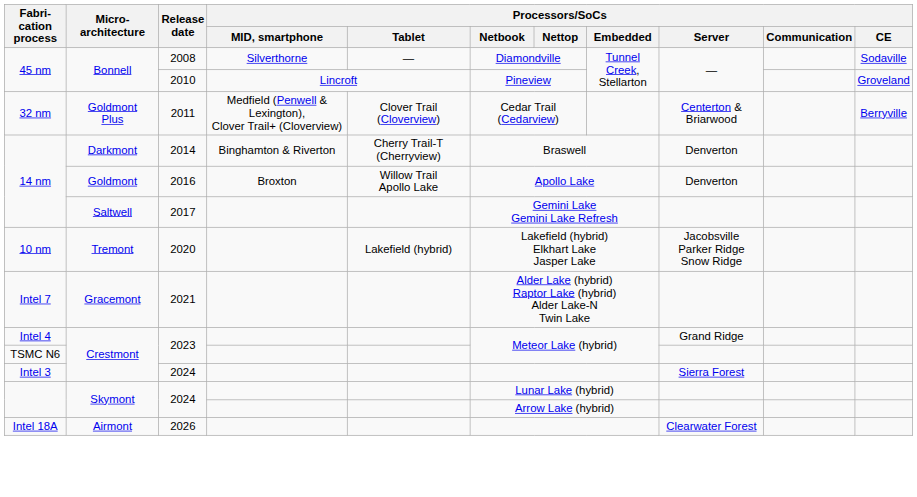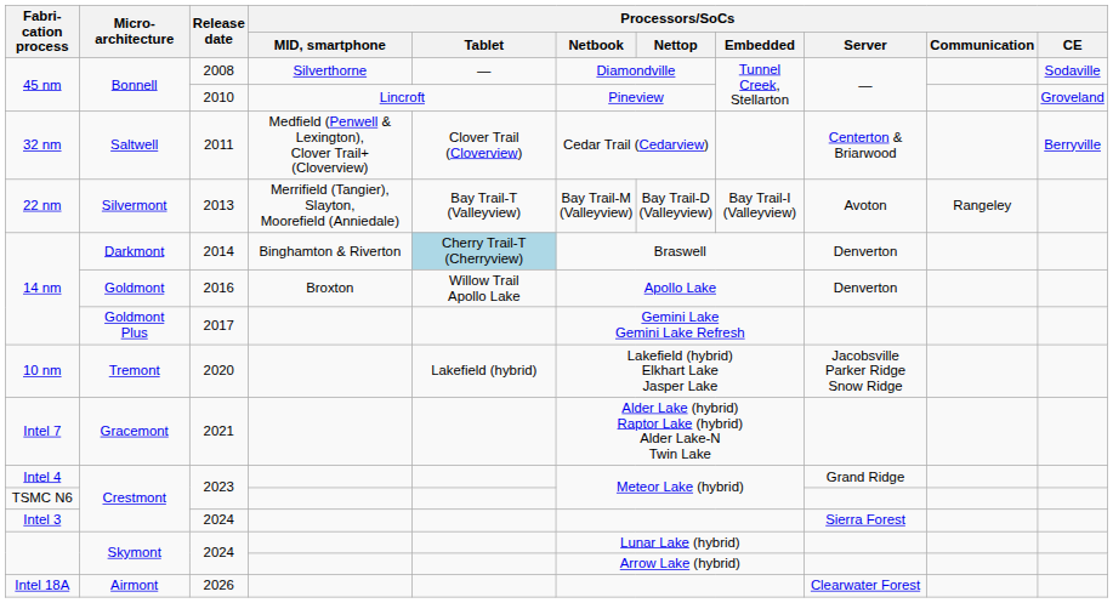 <table class="wikitable mw-collapsible collapsible floatleft mw-datatable" style="margin:0.5em auto; text-align:center; min-width:80em;">
 <tr>
 <th rowspan="2">Fabri­cation<br>process</th>
 <th rowspan="2">Micro­architecture</th>
 <th rowspan="2">Release<br>date</th>
 <th colspan="8">Processors/SoCs</th>
 </tr>
 <tr>
 <th><abbr>MID</abbr>, smartphone</th>
 <th>Tablet</th>
 <th>Netbook</th>
 <th>Nettop</th>
 <th>Embedded</th>
 <th>Server</th>
 <th>Communication</th>
 <th><abbr>CE</abbr></th>
 </tr>
 <tr>
 <td rowspan="2"><a href='#'>45 nm</a></td>
 <td rowspan="2"><a href='#'>Bonnell</a></td>
 <td>2008</td>
 <td><a href='#'>Silverthorne</a></td>
 <td>—</td>
 <td colspan="2"><a href='#'>Diamondville</a></td>
 <td rowspan="2"><a href='#'>Tunnel Creek</a>,<br>Stellarton</td>
 <td rowspan="2">—</td>
 <td></td>
 <td><a href='#'>Sodaville</a></td>
 </tr>
 <tr>
 <td>2010</td>
 <td colspan="2"><a href='#'>Lincroft</a></td>
 <td colspan="2"><a href='#'>Pineview</a></td>
 <td></td>
 <td><a href='#'>Groveland</a></td>
 </tr>
 <tr>
 <td><a href='#'>32 nm</a></td>
-<td><a href='#'>Goldmont<br>Plus</a></td>
+<td><a href='#'>Saltwell</a></td>
 <td>2011</td>
 <td>Medfield (<a href='#'>Penwell</a> & Lexington),<br>Clover Trail+ (Cloverview) </td>
 <td>Clover Trail (<a href='#'>Cloverview</a>) </td>
 <td colspan="2">Cedar Trail (<a href='#'>Cedarview</a>)</td>
 <td></td>
 <td><a href='#'>Centerton</a> & Briarwood</td>
 <td></td>
 <td><a href='#'>Berryville</a></td>
 </tr>
 <tr>
+<td><a href='#'>22 nm</a></td>
+<td><a href='#'>Silvermont</a></td>
+<td>2013</td>
+<td>Merrifield (Tangier), Slayton,<br>Moorefield (Anniedale)</td>
+<td>Bay Trail-T<br>(Valleyview)</td>
+<td>Bay Trail-M<br>(Valleyview)</td>
+<td>Bay Trail-D<br>(Valleyview)</td>
+<td>Bay Trail-I<br>(Valleyview)</td>
+<td>Avoton</td>
+<td>Rangeley</td>
+<td></td>
+</tr>
+<tr>
 <td rowspan="3"><a href='#'>14 nm</a></td>
 <td><a href='#'>Darkmont</a></td>
 <td>2014</td>
 <td>Binghamton & Riverton</td>
-<td>Cherry Trail-T (Cherryview)</td>
+<td style="background: lightblue;">Cherry Trail-T (Cherryview)</td>
 <td colspan="3">Braswell</td>
 <td>Denverton </td>
 <td></td>
 <td></td>
 </tr>
 <tr>
 <td><a href='#'>Goldmont</a><br></td>
 <td>2016</td>
 <td>Broxton </td>
 <td>Willow Trail <br>Apollo Lake</td>
 <td colspan="3"><a href='#'>Apollo Lake</a></td>
 <td>Denverton</td>
 <td></td>
 <td></td>
 </tr>
 <tr>
-<td><a href='#'>Saltwell</a></td>
+<td><a href='#'>Goldmont<br>Plus</a></td>
 <td>2017</td>
 <td></td>
 <td></td>
 <td colspan="3"><a href='#'>Gemini Lake</a><br><a href='#'>Gemini Lake Refresh</a></td>
 <td></td>
 <td></td>
 <td></td>
 </tr>
 <tr>
 <td><a href='#'>10 nm</a></td>
 <td><a href='#'>Tremont</a></td>
 <td>2020</td>
 <td></td>
 <td>Lakefield (hybrid)</td>
 <td colspan="3">Lakefield (hybrid)<br> Elkhart Lake<br>Jasper Lake</td>
 <td>Jacobsville<br>Parker Ridge<br>Snow Ridge</td>
 <td></td>
 <td></td>
 </tr>
 <tr>
 <td><a href='#'>Intel 7</a></td>
 <td><a href='#'>Gracemont</a></td>
 <td>2021</td>
 <td></td>
 <td></td>
 <td colspan="3"><a href='#'>Alder Lake</a> (hybrid)<br><a href='#'>Raptor Lake</a> (hybrid)<br>Alder Lake-N<br>Twin Lake</td>
 <td></td>
 <td></td>
 <td></td>
 </tr>
 <tr>
 <td><a href='#'>Intel 4</a></td>
 <td rowspan="3"><a href='#'>Crestmont</a></td>
 <td rowspan=2>2023</td>
 <td></td>
 <td></td>
 <td colspan="3" rowspan="2"><a href='#'>Meteor Lake</a> (hybrid)</td>
 <td>Grand Ridge</td>
 <td></td>
 <td></td>
 </tr>
 <tr>
 <td>TSMC N6</td>
 <td></td>
 <td></td>
 <td></td>
 <td></td>
 <td></td>
 </tr>
 <tr>
 <td><a href='#'>Intel 3</a></td>
 <td>2024</td>
 <td></td>
 <td></td>
 <td colspan="3"></td>
 <td><a href='#'>Sierra Forest</a></td>
 <td></td>
 <td></td>
 </tr>
 <tr>
 <td rowspan="2"></td>
 <td rowspan="2"><a href='#'>Skymont</a></td>
 <td rowspan="2">2024</td>
 <td></td>
 <td></td>
 <td colspan="3"><a href='#'>Lunar Lake</a> (hybrid)</td>
 <td></td>
 <td></td>
 <td></td>
 </tr>
 <tr>
 <td></td>
 <td></td>
 <td colspan="3"><a href='#'>Arrow Lake</a> (hybrid)</td>
 <td></td>
 <td></td>
 <td></td>
 </tr>
 <tr>
 <td><a href='#'>Intel 18A</a></td>
 <td><a href='#'>Airmont</a></td>
 <td>2026</td>
 <td></td>
 <td></td>
 <td colspan="3"></td>
 <td><a href='#'>Clearwater Forest</a></td>
 <td></td>
 <td></td>
 </tr>
 </table>
